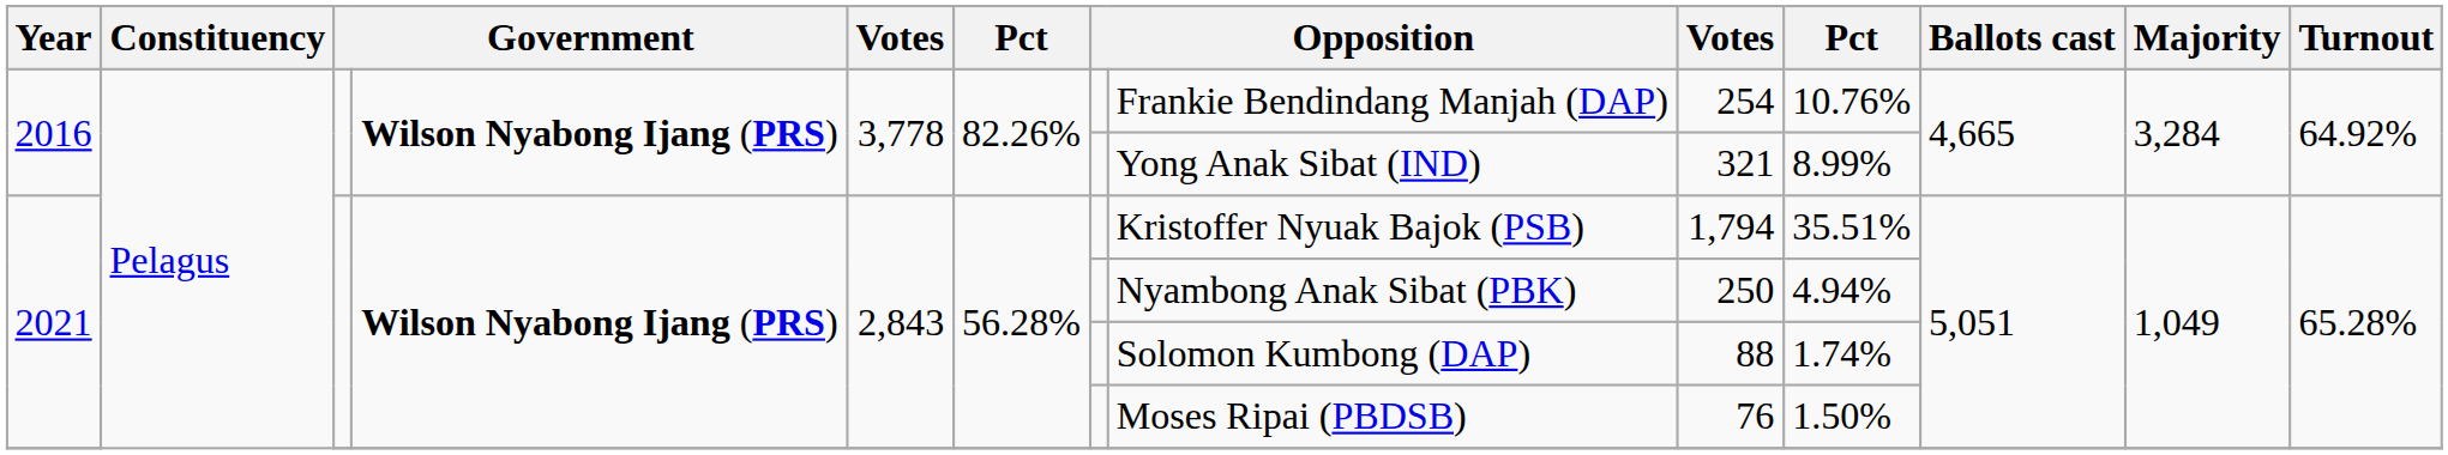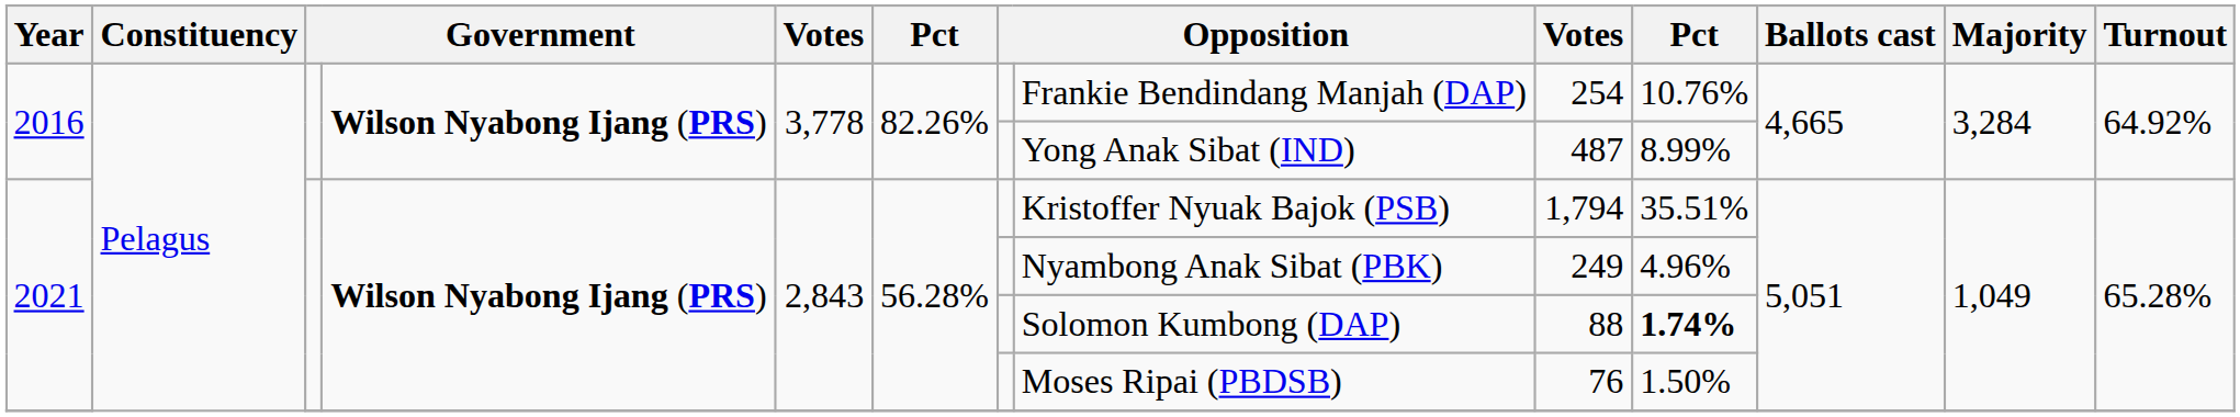 <table class="wikitable" style="margin:0.5em ; font-size:95%">
 <tr>
 <th>Year</th>
 <th>Constituency</th>
 <th colspan="2">Government</th>
 <th>Votes</th>
 <th>Pct</th>
 <th colspan="2">Opposition</th>
 <th>Votes</th>
 <th>Pct</th>
 <th>Ballots cast</th>
 <th>Majority</th>
 <th>Turnout</th>
 </tr>
 <tr>
 <td rowspan="2"><a href='#'>2016</a></td>
 <td rowspan="7"><a href='#'>Pelagus</a></td>
 <td rowspan="2" ></td>
 <td rowspan="2"><strong>Wilson Nyabong Ijang</strong> (<a href='#'><strong>PRS</strong></a>)</td>
 <td rowspan="2" align="right">3,778</td>
 <td rowspan="2">82.26%</td>
 <td></td>
 <td>Frankie Bendindang Manjah (<a href='#'>DAP</a>)</td>
 <td align="right">254</td>
 <td>10.76%</td>
 <td rowspan="2">4,665</td>
 <td rowspan="2">3,284</td>
 <td rowspan="2">64.92%</td>
 </tr>
 <tr>
 <td></td>
 <td>Yong Anak Sibat (<a href='#'>IND</a>)</td>
-<td align="right">321</td>
+<td align="right">487</td>
 <td>8.99%</td>
 </tr>
 <tr>
 <td rowspan="4"><a href='#'>2021</a></td>
 <td rowspan="4" ></td>
 <td rowspan="4"><strong>Wilson Nyabong Ijang</strong> (<a href='#'><strong>PRS</strong></a>)</td>
 <td rowspan="4" align="right">2,843</td>
 <td rowspan="4">56.28%</td>
 <td></td>
 <td>Kristoffer Nyuak Bajok (<a href='#'>PSB</a>)</td>
 <td align="right">1,794</td>
 <td>35.51%</td>
 <td rowspan="4">5,051</td>
 <td rowspan="4">1,049</td>
 <td rowspan="4">65.28%</td>
 </tr>
 <tr>
 <td></td>
 <td>Nyambong Anak Sibat (<a href='#'>PBK</a>)</td>
-<td align="right">250</td>
-<td>4.94%</td>
+<td align="right">249</td>
+<td>4.96%</td>
 </tr>
 <tr>
 <td></td>
 <td>Solomon Kumbong (<a href='#'>DAP</a>)</td>
 <td align="right">88</td>
-<td>1.74%</td>
+<td><strong>1.74%</strong></td>
 </tr>
 <tr>
 <td></td>
 <td>Moses Ripai (<a href='#'>PBDSB</a>)</td>
 <td align="right">76</td>
 <td>1.50%</td>
 </tr>
 <tr>
 </tr>
 </table>
